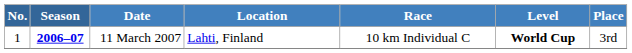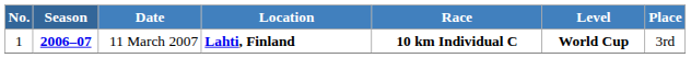 <table class="wikitable sortable" style="font-size:95%; text-align:center; border:grey solid 1px; border-collapse:collapse; background:#ffffff;">
 <tr style="background:#efefef;">
 <th style="background-color:#369; color:white;">No.</th>
 <th style="background-color:#369; color:white;">Season</th>
 <th style="background-color:#4180be; color:white; width:100px;">Date</th>
 <th style="background-color:#4180be; color:white; width:170px;">Location</th>
 <th style="background-color:#4180be; color:white; width:170px;">Race</th>
 <th style="background-color:#4180be; color:white; width:100px;">Level</th>
 <th style="background-color:#4180be; color:white;">Place</th>
 </tr>
 <tr>
 <td align=center>1</td>
 <td rowspan=1 align=center><strong> <a href='#'>2006–07</a> </strong></td>
 <td align=right>11 March 2007</td>
-<td align=left> <a href='#'>Lahti</a>, Finland</td>
-<td>10 km Individual C</td>
+<td align=left><strong> <a href='#'>Lahti</a>, Finland</strong></td>
+<td><strong>10 km Individual C</strong></td>
 <td><strong>World Cup</strong></td>
 <td>3rd</td>
 </tr>
 <tr>
 </tr>
 </table>
